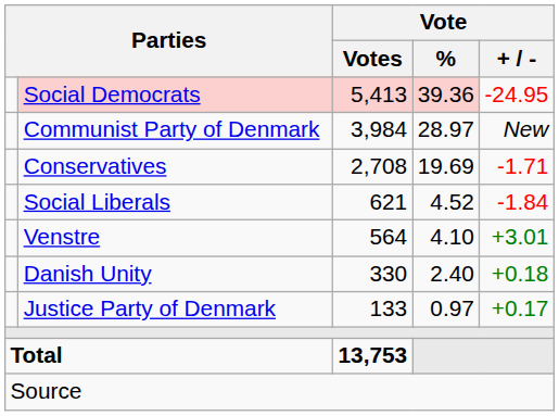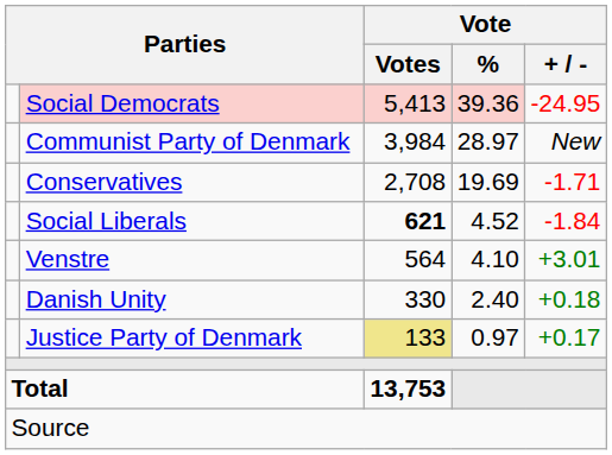 <table class="wikitable" style="text-align:right;">
 <tr>
 <th style="text-align:centre;" rowspan="2" colspan="2" width="225">Parties</th>
 <th colspan="3">Vote</th>
 </tr>
 <tr>
 <th width="15">Votes</th>
 <th width="15">%</th>
 <th width="15">+ / -</th>
 </tr>
 <tr>
 <td width="2" style="color:inherit;background:"></td>
 <td bgcolor=#fbd0ce  align="left"><a href='#'>Social Democrats</a></td>
 <td bgcolor=#fbd0ce>5,413</td>
 <td bgcolor=#fbd0ce>39.36</td>
 <td style=color:red;>-24.95</td>
 </tr>
 <tr>
 <td width="2" style="color:inherit;background:"></td>
 <td align="left"><a href='#'>Communist Party of Denmark</a></td>
 <td>3,984</td>
 <td>28.97</td>
 <td><em>New</em></td>
 </tr>
 <tr>
 <td width="2" style="color:inherit;background:"></td>
 <td align="left"><a href='#'>Conservatives</a></td>
 <td>2,708</td>
 <td>19.69</td>
 <td style=color:red;>-1.71</td>
 </tr>
 <tr>
 <td width="2" style="color:inherit;background:"></td>
 <td align="left"><a href='#'>Social Liberals</a></td>
-<td>621</td>
+<td><strong>621</strong></td>
 <td>4.52</td>
 <td style=color:red;>-1.84</td>
 </tr>
 <tr>
 <td width="2" style="color:inherit;background:"></td>
 <td align="left"><a href='#'>Venstre</a></td>
 <td>564</td>
 <td>4.10</td>
 <td style=color:green;>+3.01</td>
 </tr>
 <tr>
 <td width="2" style="color:inherit;background:"></td>
 <td align="left"><a href='#'>Danish Unity</a></td>
 <td>330</td>
 <td>2.40</td>
 <td style=color:green;>+0.18</td>
 </tr>
 <tr>
 <td width="2" style="color:inherit;background:"></td>
 <td align="left"><a href='#'>Justice Party of Denmark</a></td>
-<td>133</td>
+<td style="background: khaki;">133</td>
 <td>0.97</td>
 <td style=color:green;>+0.17</td>
 </tr>
 <tr>
 <td colspan="7" bgcolor="#E9E9E9"></td>
 </tr>
 <tr>
 <td align="left" colspan="2"><strong>Total</strong></td>
 <td><strong>13,753</strong></td>
 <td bgcolor="#E9E9E9" colspan="2"></td>
 </tr>
 <tr>
 <td align="left" colspan="6">Source</td>
 </tr>
 </table>
